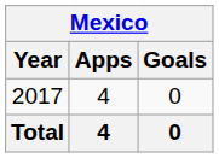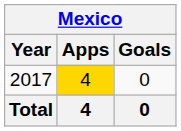 <table class="wikitable" style="text-align:center">
 <tr>
 <th colspan=3><a href='#'>Mexico</a></th>
 </tr>
 <tr>
 <th>Year</th>
 <th>Apps</th>
 <th>Goals</th>
 </tr>
 <tr>
 <td>2017</td>
-<td>4</td>
+<td style="background: gold;">4</td>
 <td>0</td>
 </tr>
 <tr>
 <th>Total</th>
 <th>4</th>
 <th>0</th>
 </tr>
 </table>
